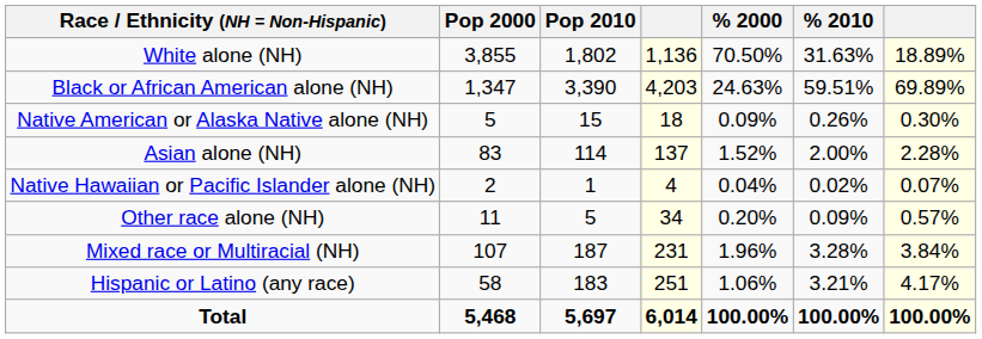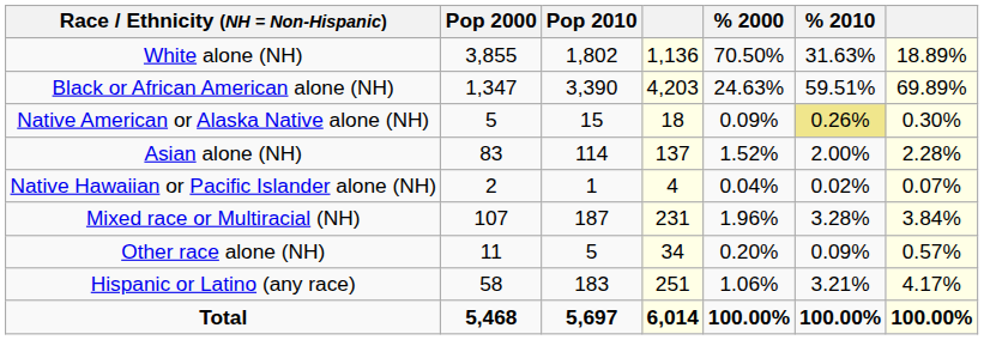 <table class="wikitable"  style="text-align:center;">
 <tr>
 <th>Race / Ethnicity <small>(<em>NH = Non-Hispanic</em>)</small></th>
 <th>Pop 2000</th>
 <th>Pop 2010</th>
 <th></th>
 <th>% 2000</th>
 <th>% 2010</th>
 <th></th>
 </tr>
 <tr>
 <td><a href='#'>White</a> alone (NH)</td>
 <td>3,855</td>
 <td>1,802</td>
 <td style='background: #ffffe6;'>1,136</td>
 <td>70.50%</td>
 <td>31.63%</td>
 <td style='background: #ffffe6;'>18.89%</td>
 </tr>
 <tr>
 <td><a href='#'>Black or African American</a> alone (NH)</td>
 <td>1,347</td>
 <td>3,390</td>
 <td style='background: #ffffe6;'>4,203</td>
 <td>24.63%</td>
 <td>59.51%</td>
 <td style='background: #ffffe6;'>69.89%</td>
 </tr>
 <tr>
 <td><a href='#'>Native American</a> or <a href='#'>Alaska Native</a> alone (NH)</td>
 <td>5</td>
 <td>15</td>
 <td style='background: #ffffe6;'>18</td>
 <td>0.09%</td>
-<td>0.26%</td>
+<td style="background: khaki;">0.26%</td>
 <td style='background: #ffffe6;'>0.30%</td>
 </tr>
 <tr>
 <td><a href='#'>Asian</a> alone (NH)</td>
 <td>83</td>
 <td>114</td>
 <td style='background: #ffffe6;'>137</td>
 <td>1.52%</td>
 <td>2.00%</td>
 <td style='background: #ffffe6;'>2.28%</td>
 </tr>
 <tr>
 <td><a href='#'>Native Hawaiian</a> or <a href='#'>Pacific Islander</a> alone (NH)</td>
 <td>2</td>
 <td>1</td>
 <td style='background: #ffffe6;'>4</td>
 <td>0.04%</td>
 <td>0.02%</td>
 <td style='background: #ffffe6;'>0.07%</td>
 </tr>
 <tr>
+<td><a href='#'>Mixed race or Multiracial</a> (NH)</td>
+<td>107</td>
+<td>187</td>
+<td style='background: #ffffe6;'>231</td>
+<td>1.96%</td>
+<td>3.28%</td>
+<td style='background: #ffffe6;'>3.84%</td>
+</tr>
+<tr>
 <td><a href='#'>Other race</a> alone (NH)</td>
 <td>11</td>
 <td>5</td>
 <td style='background: #ffffe6;'>34</td>
 <td>0.20%</td>
 <td>0.09%</td>
 <td style='background: #ffffe6;'>0.57%</td>
-</tr>
-<tr>
-<td><a href='#'>Mixed race or Multiracial</a> (NH)</td>
-<td>107</td>
-<td>187</td>
-<td style='background: #ffffe6;'>231</td>
-<td>1.96%</td>
-<td>3.28%</td>
-<td style='background: #ffffe6;'>3.84%</td>
 </tr>
 <tr>
 <td><a href='#'>Hispanic or Latino</a> (any race)</td>
 <td>58</td>
 <td>183</td>
 <td style='background: #ffffe6;'>251</td>
 <td>1.06%</td>
 <td>3.21%</td>
 <td style='background: #ffffe6;'>4.17%</td>
 </tr>
 <tr>
 <td><strong>Total</strong></td>
 <td><strong>5,468</strong></td>
 <td><strong>5,697</strong></td>
 <td style='background: #ffffe6;'><strong>6,014</strong></td>
 <td><strong>100.00%</strong></td>
 <td><strong>100.00%</strong></td>
 <td style='background: #ffffe6;'><strong>100.00%</strong></td>
 </tr>
 </table>
